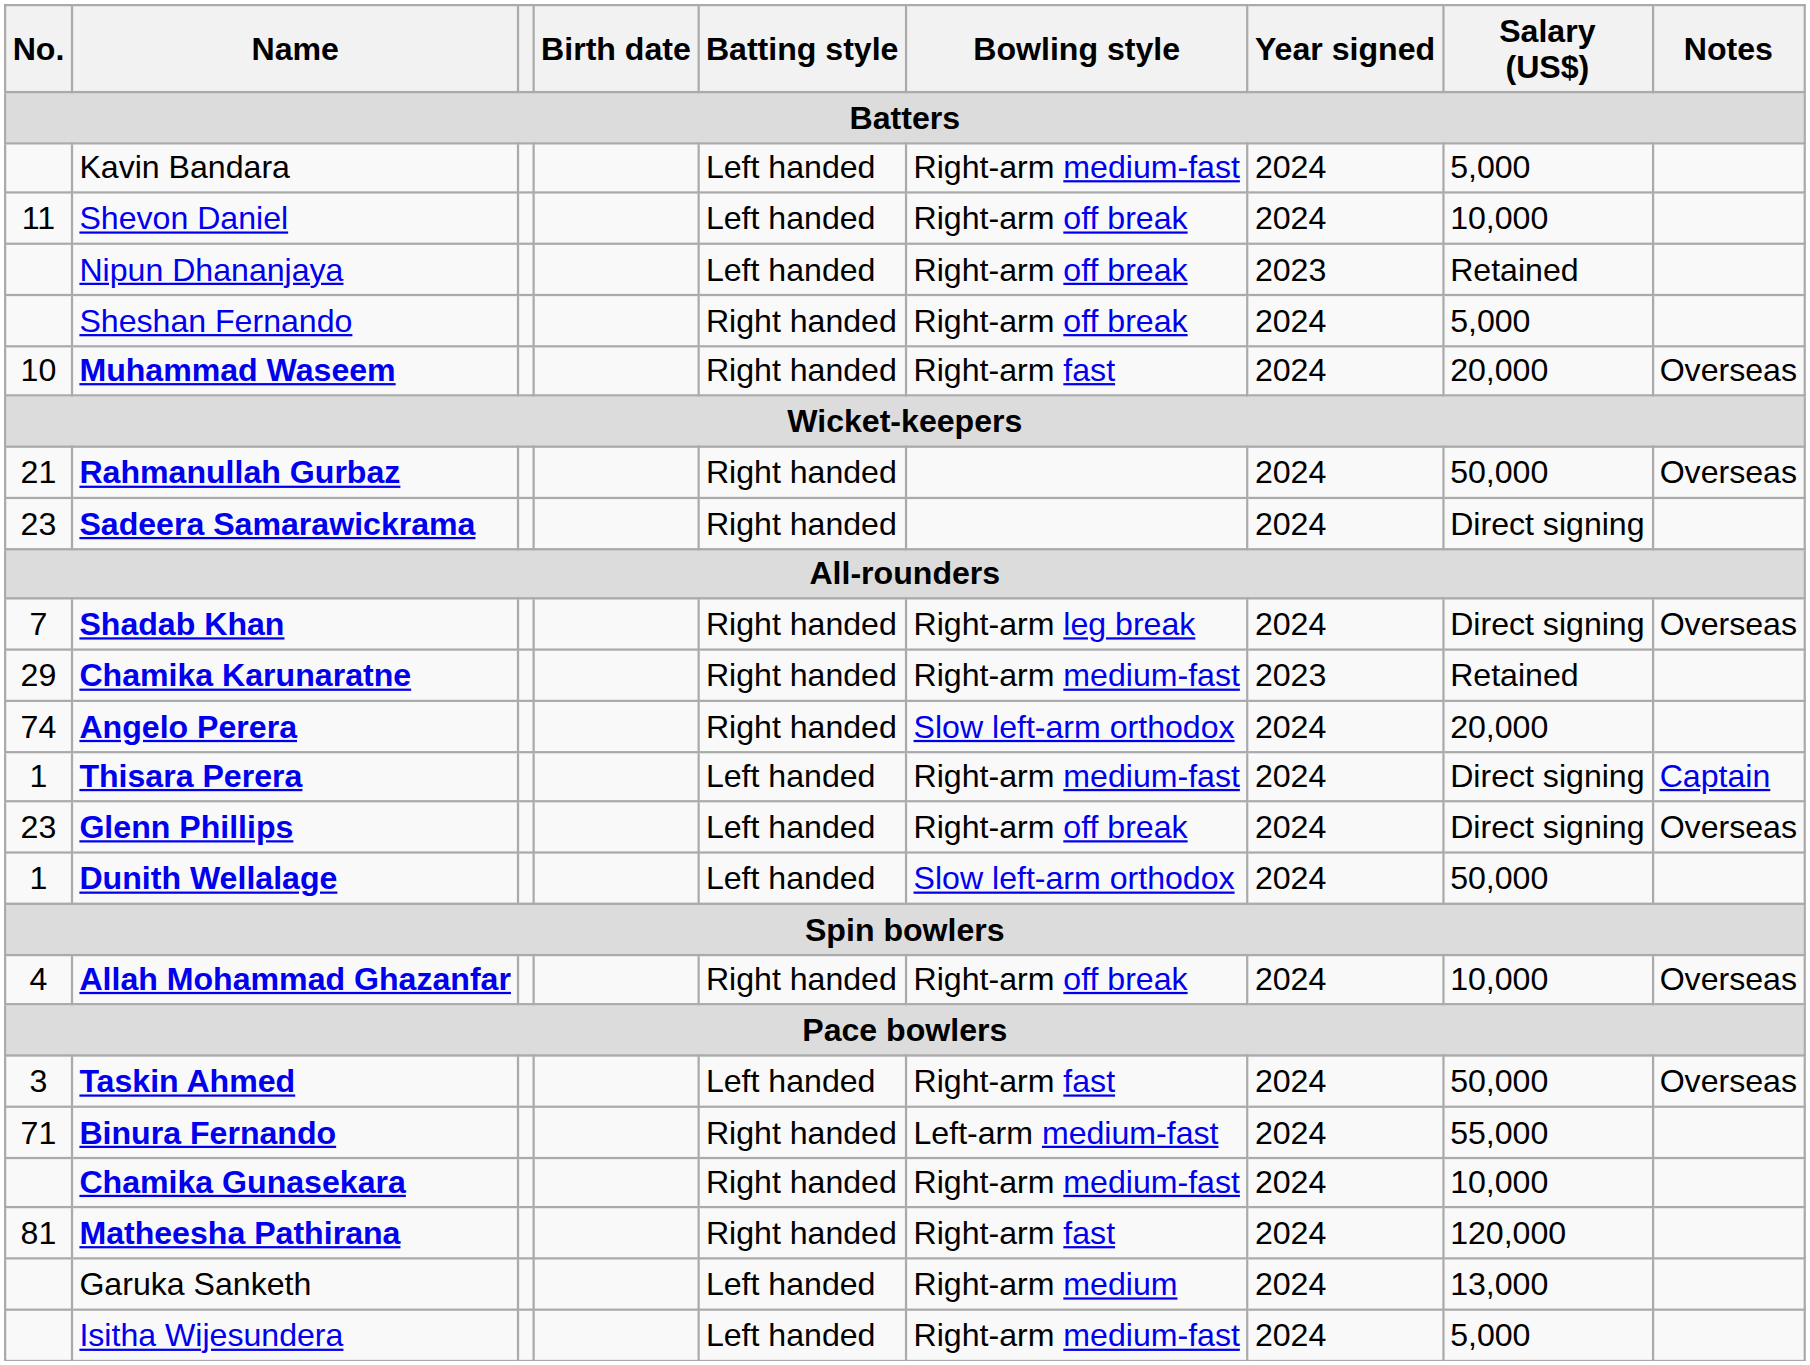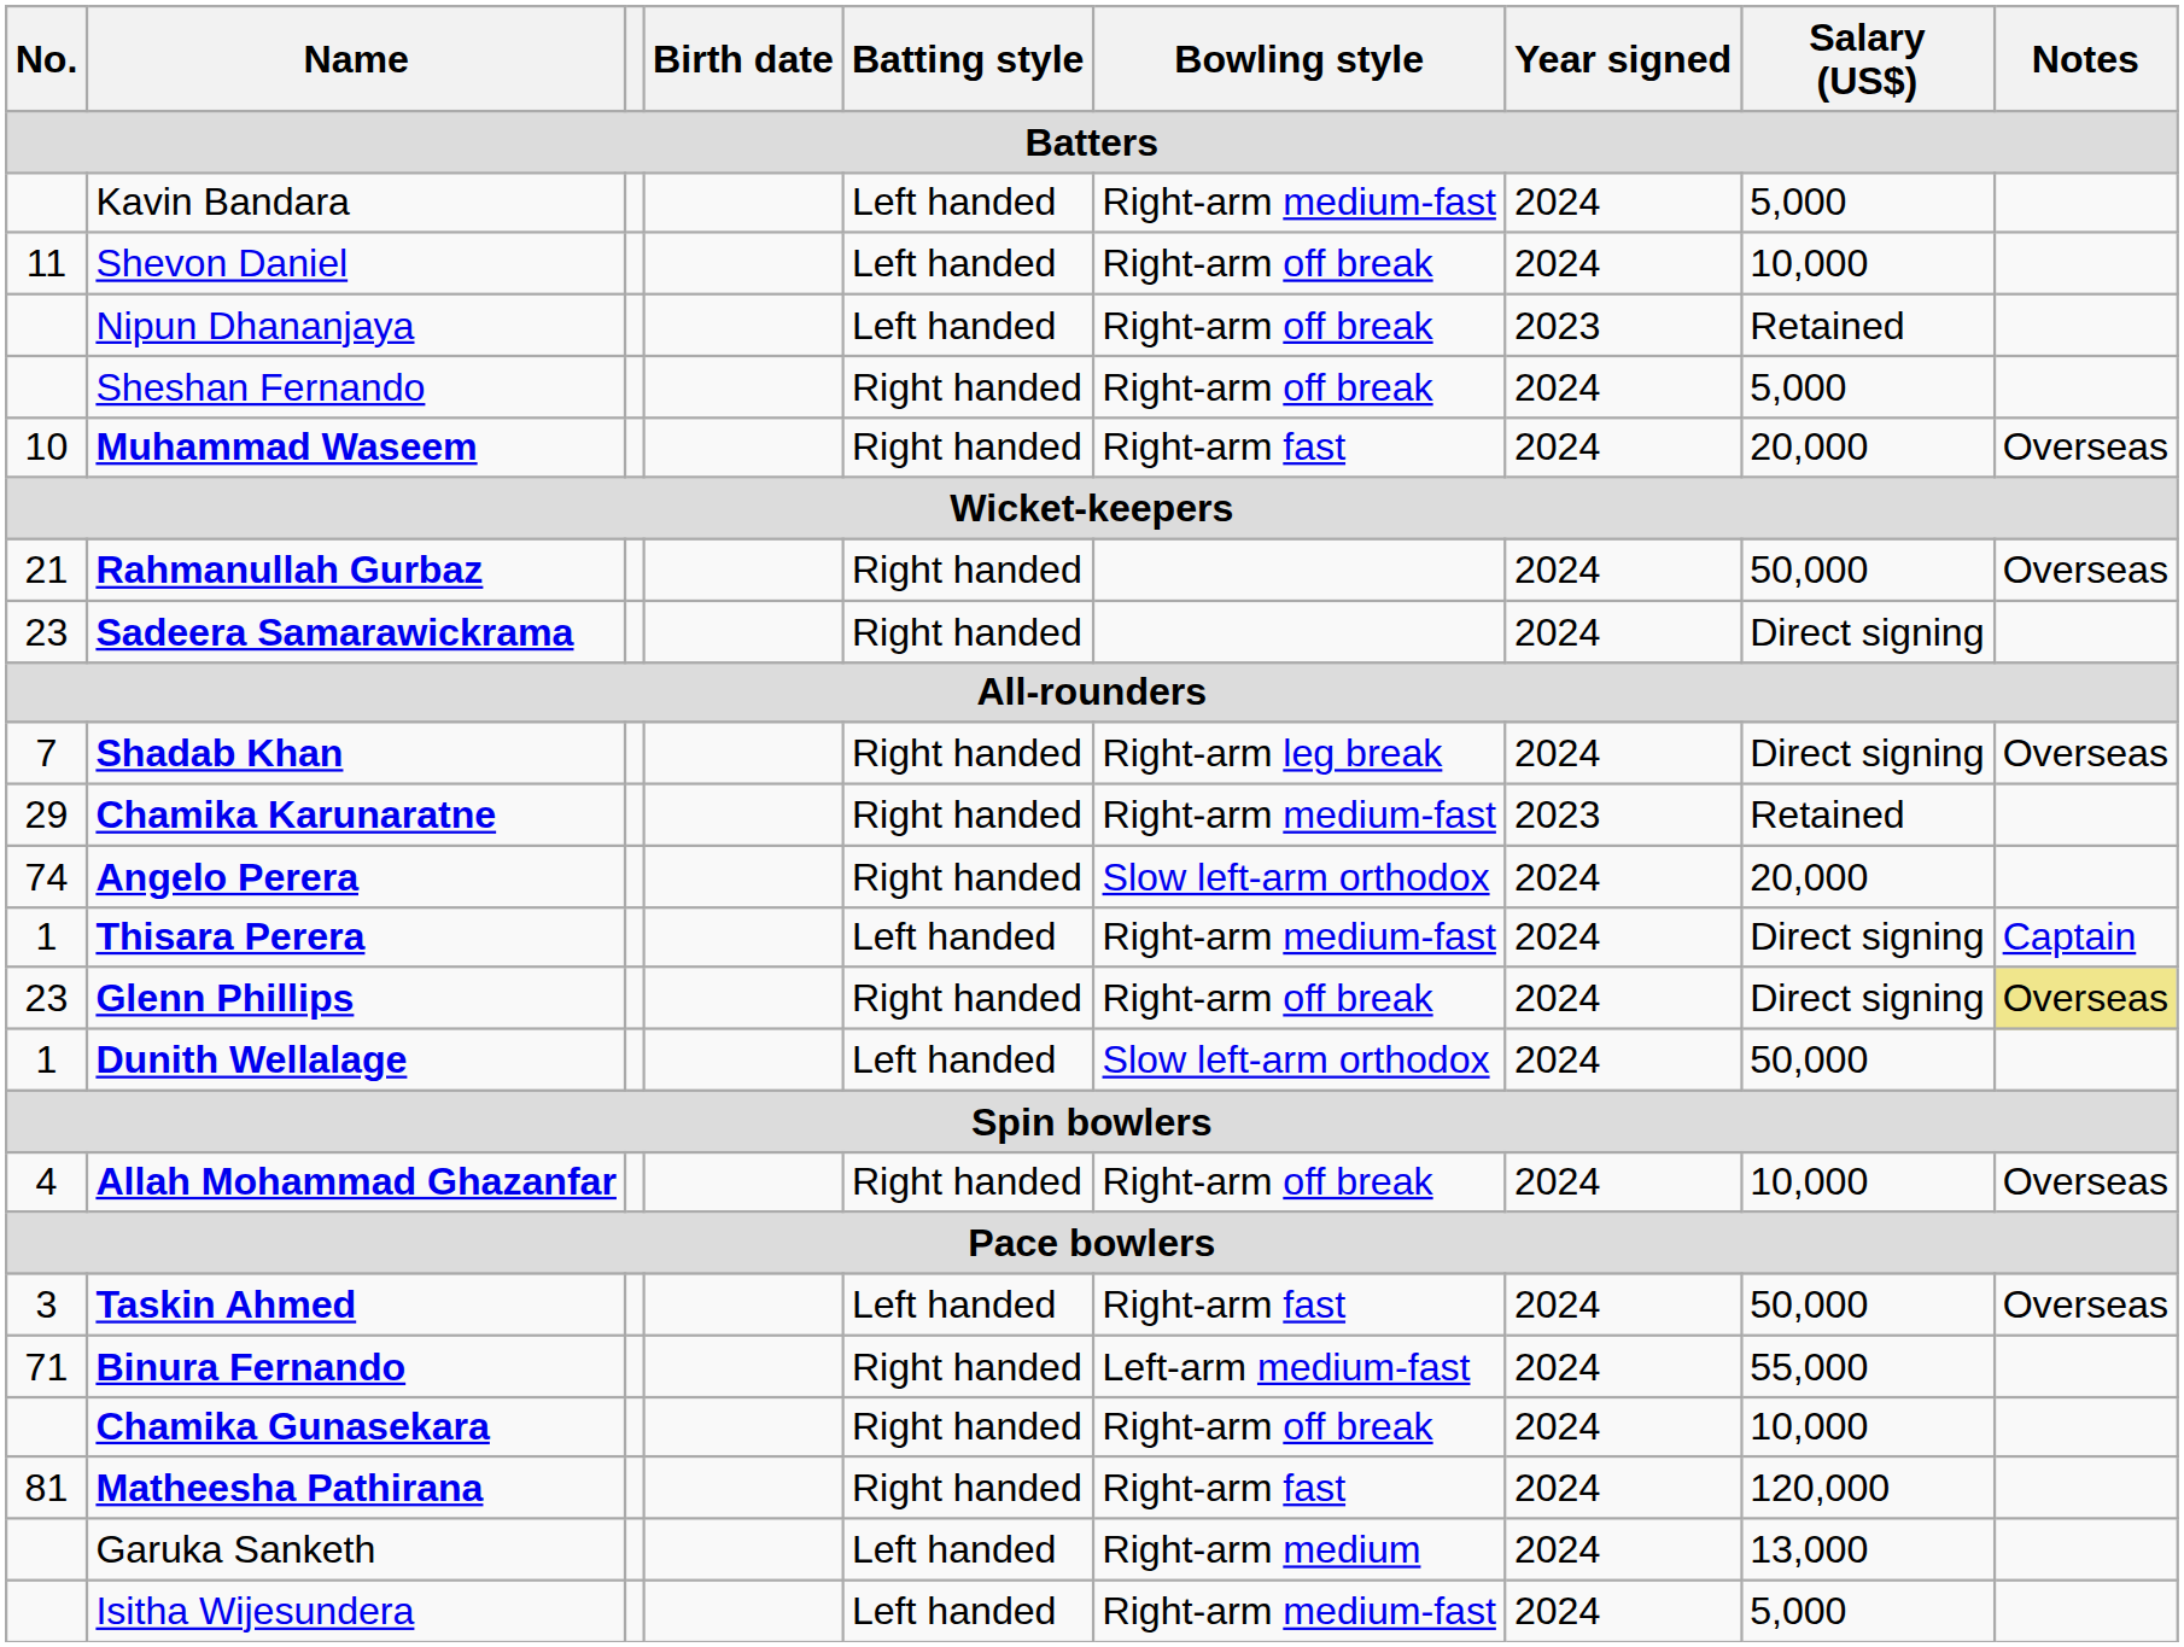 <table class="wikitable" style="font-size:90%;">
 <tr>
 <th>No.</th>
 <th>Name</th>
 <th></th>
 <th>Birth date</th>
 <th>Batting style</th>
 <th>Bowling style</th>
 <th>Year signed</th>
 <th>Salary <br> (US$)</th>
 <th>Notes</th>
 </tr>
 <tr>
 <th colspan="9" style="background:#dcdcdc; text-align:center;">Batters</th>
 </tr>
 <tr>
 <td></td>
 <td>Kavin Bandara</td>
 <td></td>
 <td></td>
 <td>Left handed</td>
 <td>Right-arm <a href='#'>medium-fast</a></td>
 <td>2024</td>
 <td>5,000</td>
 <td></td>
 </tr>
 <tr>
 <td style="text-align:center">11</td>
 <td><a href='#'>Shevon Daniel</a></td>
 <td></td>
 <td></td>
 <td>Left handed</td>
 <td>Right-arm <a href='#'>off break</a></td>
 <td>2024</td>
 <td>10,000</td>
 <td></td>
 </tr>
 <tr>
 <td style="text-align:center"></td>
 <td><a href='#'>Nipun Dhananjaya</a></td>
 <td></td>
 <td></td>
 <td>Left handed</td>
 <td>Right-arm <a href='#'>off break</a></td>
 <td>2023</td>
 <td>Retained</td>
 <td></td>
 </tr>
 <tr>
 <td></td>
 <td><a href='#'>Sheshan Fernando</a></td>
 <td></td>
 <td></td>
 <td>Right handed</td>
 <td>Right-arm <a href='#'>off break</a></td>
 <td>2024</td>
 <td>5,000</td>
 <td></td>
 </tr>
 <tr>
 <td style="text-align:center">10</td>
 <td><strong><a href='#'>Muhammad Waseem</a></strong></td>
 <td></td>
 <td></td>
 <td>Right handed</td>
 <td>Right-arm <a href='#'>fast</a></td>
 <td>2024</td>
 <td>20,000</td>
 <td>Overseas</td>
 </tr>
 <tr>
 <th colspan="9" style="background: #DCDCDC" align="center">Wicket-keepers</th>
 </tr>
 <tr>
 <td style="text-align:center;">21</td>
 <td><strong><a href='#'>Rahmanullah Gurbaz</a></strong></td>
 <td></td>
 <td></td>
 <td>Right handed</td>
 <td></td>
 <td>2024</td>
 <td>50,000</td>
 <td>Overseas</td>
 </tr>
 <tr>
 <td style="text-align:center">23</td>
 <td><strong><a href='#'>Sadeera Samarawickrama</a></strong></td>
 <td></td>
 <td></td>
 <td>Right handed</td>
 <td></td>
 <td>2024</td>
 <td>Direct signing</td>
 <td></td>
 </tr>
 <tr>
 <th colspan="9" style="background: #DCDCDC" align="center">All-rounders</th>
 </tr>
 <tr>
 <td style="text-align:center">7</td>
 <td><strong><a href='#'>Shadab Khan</a></strong></td>
 <td></td>
 <td></td>
 <td>Right handed</td>
 <td>Right-arm <a href='#'>leg break</a></td>
 <td>2024</td>
 <td>Direct signing</td>
 <td>Overseas</td>
 </tr>
 <tr>
 <td style="text-align:center;">29</td>
 <td><strong><a href='#'>Chamika Karunaratne</a></strong></td>
 <td></td>
 <td></td>
 <td>Right handed</td>
 <td>Right-arm <a href='#'>medium-fast</a></td>
 <td>2023</td>
 <td>Retained</td>
 <td></td>
 </tr>
 <tr>
 <td style="text-align:center">74</td>
 <td><strong><a href='#'>Angelo Perera</a></strong></td>
 <td></td>
 <td></td>
 <td>Right handed</td>
 <td><a href='#'>Slow left-arm orthodox</a></td>
 <td>2024</td>
 <td>20,000</td>
 <td></td>
 </tr>
 <tr>
 <td style="text-align:center;">1</td>
 <td><strong><a href='#'>Thisara Perera</a></strong></td>
 <td></td>
 <td></td>
 <td>Left handed</td>
 <td>Right-arm <a href='#'>medium-fast</a></td>
 <td>2024</td>
 <td>Direct signing</td>
 <td><a href='#'>Captain</a></td>
 </tr>
 <tr>
 <td style="text-align:center;">23</td>
 <td><a href='#'><strong>Glenn Phillips</strong></a></td>
 <td></td>
 <td></td>
-<td>Left handed</td>
+<td>Right handed</td>
 <td>Right-arm <a href='#'>off break</a></td>
 <td>2024</td>
 <td>Direct signing</td>
-<td>Overseas</td>
+<td style="background: khaki;">Overseas</td>
 </tr>
 <tr>
 <td style="text-align:center">1</td>
 <td><strong><a href='#'>Dunith Wellalage</a></strong></td>
 <td></td>
 <td></td>
 <td>Left handed</td>
 <td><a href='#'>Slow left-arm orthodox</a></td>
 <td>2024</td>
 <td>50,000</td>
 <td></td>
 </tr>
 <tr>
 <th colspan="9" style="background: #DCDCDC" align="center">Spin bowlers</th>
 </tr>
 <tr>
 <td style="text-align:center">4</td>
 <td><strong><a href='#'>Allah Mohammad Ghazanfar</a></strong></td>
 <td></td>
 <td></td>
 <td>Right handed</td>
 <td>Right-arm <a href='#'>off break</a></td>
 <td>2024</td>
 <td>10,000</td>
 <td>Overseas</td>
 </tr>
 <tr>
 <th colspan="9" style="background: #DCDCDC" align="center">Pace bowlers</th>
 </tr>
 <tr>
 <td style="text-align:center">3</td>
 <td><strong><a href='#'>Taskin Ahmed</a></strong></td>
 <td></td>
 <td></td>
 <td>Left handed</td>
 <td>Right-arm <a href='#'>fast</a></td>
 <td>2024</td>
 <td>50,000</td>
 <td>Overseas</td>
 </tr>
 <tr>
 <td style="text-align:center;">71</td>
 <td><strong><a href='#'>Binura Fernando</a></strong></td>
 <td></td>
 <td></td>
 <td>Right handed</td>
 <td>Left-arm <a href='#'>medium-fast</a></td>
 <td>2024</td>
 <td>55,000</td>
 <td></td>
 </tr>
 <tr>
 <td></td>
 <td><strong><a href='#'>Chamika Gunasekara</a></strong></td>
 <td></td>
 <td></td>
 <td>Right handed</td>
-<td>Right-arm <a href='#'>medium-fast</a></td>
+<td>Right-arm <a href='#'>off break</a></td>
 <td>2024</td>
 <td>10,000</td>
 <td></td>
 </tr>
 <tr>
 <td style="text-align:center;">81</td>
 <td><strong><a href='#'>Matheesha Pathirana</a></strong></td>
 <td></td>
 <td></td>
 <td>Right handed</td>
 <td>Right-arm <a href='#'>fast</a></td>
 <td>2024</td>
 <td>120,000</td>
 <td></td>
 </tr>
 <tr>
 <td></td>
 <td>Garuka Sanketh</td>
 <td></td>
 <td></td>
 <td>Left handed</td>
 <td>Right-arm <a href='#'>medium</a></td>
 <td>2024</td>
 <td>13,000</td>
 <td></td>
 </tr>
 <tr>
 <td></td>
 <td><a href='#'>Isitha Wijesundera</a></td>
 <td></td>
 <td></td>
 <td>Left handed</td>
 <td>Right-arm <a href='#'>medium-fast</a></td>
 <td>2024</td>
 <td>5,000</td>
 <td></td>
 </tr>
 </table>
